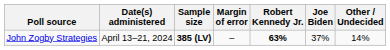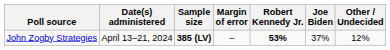 <table class="wikitable sortable mw-datatable" style="font-size:90%;text-align:center;line-height:17px">
 <tr valign=bottom>
 <th>Poll source</th>
 <th>Date(s)<br>administered</th>
 <th>Sample<br>size</th>
 <th>Margin<br>of error</th>
 <th class="unsortable">Robert<br>Kennedy Jr.<br></th>
 <th class="unsortable">Joe<br>Biden<br></th>
 <th class="unsortable">Other /<br>Undecided</th>
 </tr>
 <tr>
 <td style="text-align:left;"><a href='#'>John Zogby Strategies</a></td>
 <td data-sort-value="2024-05-01">April 13–21, 2024</td>
 <td><strong>385 (LV)</strong></td>
 <td>–</td>
-<td style="background-color:"><strong>63%</strong></td>
+<td style="background-color:"><strong>53%</strong></td>
 <td>37%</td>
-<td>14%</td>
+<td>12%</td>
 </tr>
 </table>
